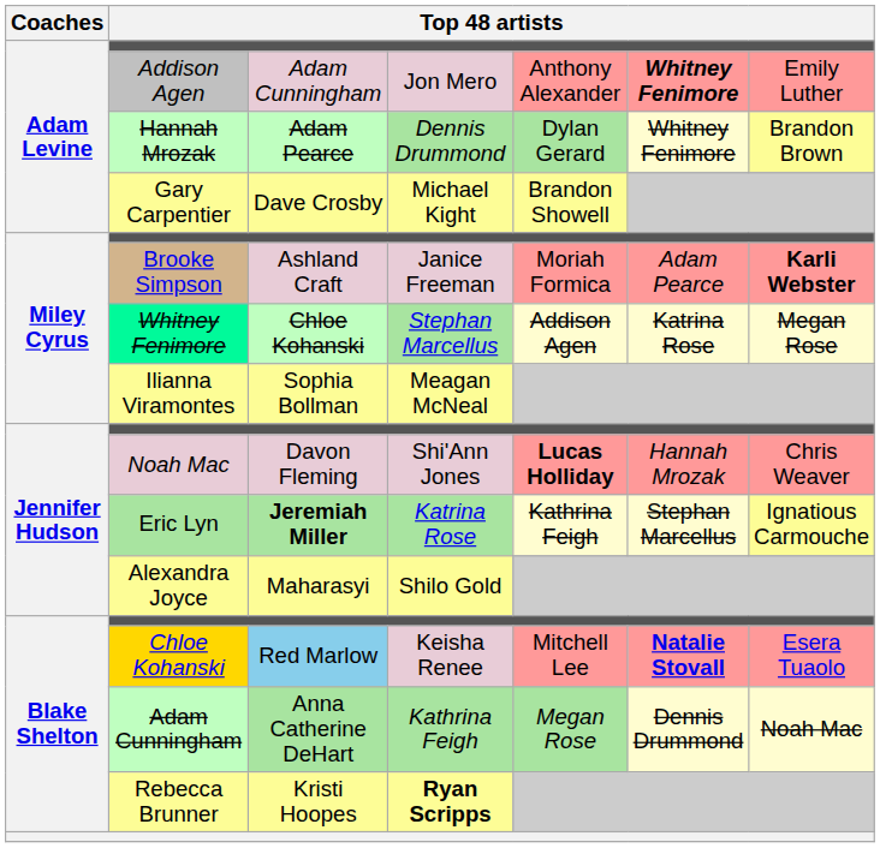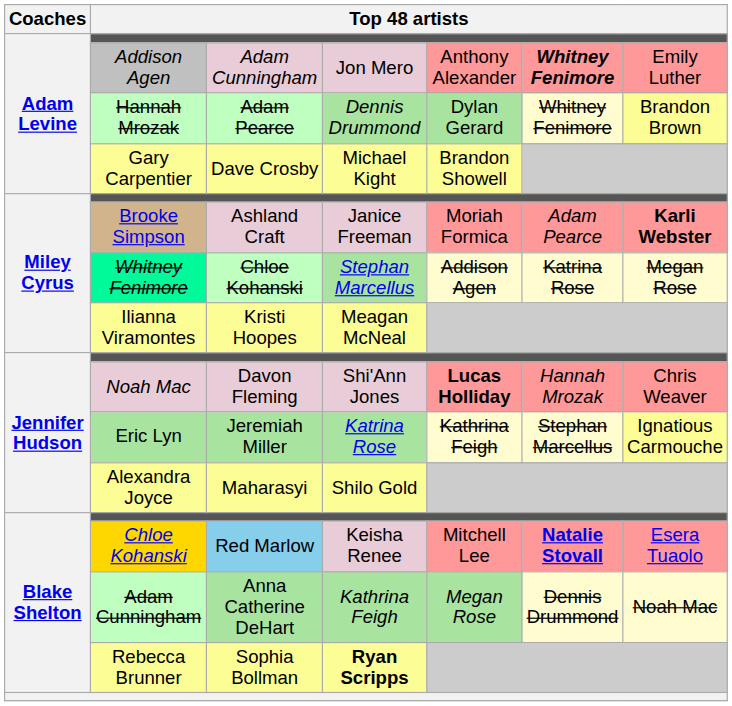 <table class="wikitable" style="text-align:center;  width:100%;">
 <tr>
 <th scope="col" style="width:12%;">Coaches</th>
 <th colspan="6" scope="col" style="width:84%;">Top 48 artists</th>
 </tr>
 <tr>
 <th rowspan="4"><a href='#'>Adam Levine</a></th>
 <td colspan="6" style="background:#555;"></td>
 </tr>
 <tr>
 <td width="20%" style="background:silver" width="13%"><em>Addison Agen</em></td>
 <td width="20%" style="background:#E8CCD7" width="13%"><em>Adam Cunningham</em></td>
 <td width="20%" style="background:#E8CCD7" width="13%">Jon Mero</td>
 <td width="20%" style="background:#FF9999" width="13%">Anthony Alexander</td>
 <td width="20%" style="background:#FF9999" width="13%"><strong><em>Whitney Fenimore</em></strong></td>
 <td width="20%" style="background:#FF9999" width="13%">Emily Luther</td>
 </tr>
 <tr>
 <td style="background:#BFFFC0"><s>Hannah Mrozak</s></td>
 <td style="background:#BFFFC0"><s>Adam Pearce</s></td>
 <td style="background:#A8E4A0"><em>Dennis Drummond</em></td>
 <td style="background:#A8E4A0">Dylan Gerard</td>
 <td style="background:#FFFDD0"><s>Whitney Fenimore</s></td>
 <td style="background:#FDFD96">Brandon Brown</td>
 </tr>
 <tr>
 <td style="background:#FDFD96">Gary Carpentier</td>
 <td style="background:#FDFD96">Dave Crosby</td>
 <td style="background:#FDFD96">Michael Kight</td>
 <td style="background:#FDFD96">Brandon Showell</td>
 <td colspan="2" style="background:#ccc;"></td>
 </tr>
 <tr>
 <th rowspan="4"><a href='#'>Miley Cyrus</a></th>
 <td colspan="6" style="background:#555;"></td>
 </tr>
 <tr>
 <td style="background:tan"><a href='#'>Brooke Simpson</a></td>
 <td style="background:#E8CCD7">Ashland Craft</td>
 <td style="background:#E8CCD7">Janice Freeman</td>
 <td style="background:#FF9999">Moriah Formica</td>
 <td style="background:#FF9999"><em>Adam Pearce</em></td>
 <td style="background:#FF9999"><strong>Karli Webster</strong></td>
 </tr>
 <tr>
 <td style="background:#00fa9a"><s><em>Whitney Fenimore</em></s></td>
 <td style="background:#BFFFC0"><s>Chloe Kohanski</s></td>
 <td style="background:#A8E4A0"><em><a href='#'>Stephan Marcellus</a></em></td>
 <td style="background:#FFFDD0"><s>Addison Agen</s></td>
 <td style="background:#FFFDD0"><s>Katrina Rose</s></td>
 <td style="background:#FFFDD0"><s>Megan Rose</s></td>
 </tr>
 <tr>
 <td style="background:#FDFD96">Ilianna Viramontes</td>
-<td style="background:#FDFD96">Sophia Bollman</td>
+<td style="background:#FDFD96">Kristi Hoopes</td>
 <td style="background:#FDFD96">Meagan McNeal</td>
 <td style="background:#ccc;" colspan="3"></td>
 </tr>
 <tr>
 <th rowspan="4"><a href='#'>Jennifer Hudson</a></th>
 <td colspan="6" style="background:#555;"></td>
 </tr>
 <tr>
 <td style="background:#E8CCD7"><em>Noah Mac</em></td>
 <td style="background:#E8CCD7">Davon Fleming</td>
 <td style="background:#E8CCD7">Shi'Ann Jones</td>
 <td style="background:#FF9999"><strong>Lucas Holliday</strong></td>
 <td style="background:#FF9999"><em>Hannah Mrozak</em></td>
 <td style="background:#FF9999">Chris Weaver</td>
 </tr>
 <tr>
 <td style="background:#A8E4A0">Eric Lyn</td>
-<td style="background:#A8E4A0"><strong>Jeremiah Miller</strong></td>
+<td style="background:#A8E4A0">Jeremiah Miller</td>
 <td style="background:#A8E4A0"><em><a href='#'>Katrina Rose</a></em></td>
 <td style="background:#FFFDD0"><s>Kathrina Feigh</s></td>
 <td style="background:#FFFDD0"><s>Stephan Marcellus</s></td>
 <td style="background:#FDFD96">Ignatious Carmouche</td>
 </tr>
 <tr>
 <td style="background:#FDFD96">Alexandra Joyce</td>
 <td style="background:#FDFD96">Maharasyi</td>
 <td style="background:#FDFD96">Shilo Gold</td>
 <td style="background:#ccc;" colspan="3"></td>
 </tr>
 <tr>
 <th rowspan="4"><a href='#'>Blake Shelton</a></th>
 <td colspan="6" style="background:#555;"></td>
 </tr>
 <tr>
 <td style="background:gold"><em><a href='#'>Chloe Kohanski</a></em></td>
 <td style="background:skyblue">Red Marlow</td>
 <td style="background:#E8CCD7">Keisha Renee</td>
 <td style="background:#FF9999">Mitchell Lee</td>
 <td style="background:#FF9999"><strong><a href='#'>Natalie Stovall</a></strong></td>
 <td style="background:#FF9999"><a href='#'>Esera Tuaolo</a></td>
 </tr>
 <tr>
 <td style="background:#BFFFC0"><s>Adam Cunningham</s></td>
 <td style="background:#A8E4A0">Anna Catherine DeHart</td>
 <td style="background:#A8E4A0"><em>Kathrina Feigh </em></td>
 <td style="background:#A8E4A0"><em>Megan Rose</em></td>
 <td style="background:#FFFDD0"><s>Dennis Drummond</s></td>
 <td style="background:#FFFDD0"><s>Noah Mac</s></td>
 </tr>
 <tr>
 <td style="background:#FDFD96">Rebecca Brunner</td>
-<td style="background:#FDFD96">Kristi Hoopes</td>
+<td style="background:#FDFD96">Sophia Bollman</td>
 <td style="background:#FDFD96"><strong>Ryan Scripps</strong></td>
 <td style="background:#ccc;" colspan="3"></td>
 </tr>
 <tr>
 <th style="font-size:90%; line-height:12px;" colspan="7"><small></small></th>
 </tr>
 <tr>
 </tr>
 </table>
